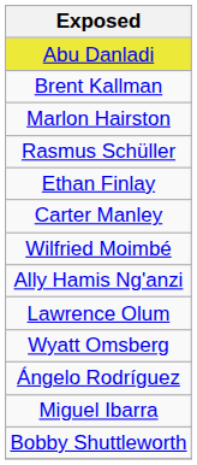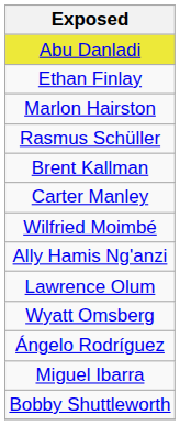 <table class="wikitable" style="text-align:center">
 <tr>
 <th>Exposed</th>
 </tr>
 <tr>
 <td style="background: #ede939"><a href='#'>Abu Danladi</a></td>
 </tr>
 <tr>
-<td><a href='#'>Brent Kallman</a></td>
+<td><a href='#'>Ethan Finlay</a></td>
 </tr>
 <tr>
 <td><a href='#'>Marlon Hairston</a></td>
 </tr>
 <tr>
 <td><a href='#'>Rasmus Schüller</a></td>
 </tr>
 <tr>
-<td><a href='#'>Ethan Finlay</a></td>
+<td><a href='#'>Brent Kallman</a></td>
 </tr>
 <tr>
 <td><a href='#'>Carter Manley</a></td>
 </tr>
 <tr>
 <td><a href='#'>Wilfried Moimbé</a></td>
 </tr>
 <tr>
 <td><a href='#'>Ally Hamis Ng'anzi</a></td>
 </tr>
 <tr>
 <td><a href='#'>Lawrence Olum</a></td>
 </tr>
 <tr>
 <td><a href='#'>Wyatt Omsberg</a></td>
 </tr>
 <tr>
 <td><a href='#'>Ángelo Rodríguez</a></td>
 </tr>
 <tr>
 <td><a href='#'>Miguel Ibarra</a></td>
 </tr>
 <tr>
 <td><a href='#'>Bobby Shuttleworth</a></td>
 </tr>
 <tr>
 </tr>
 </table>
